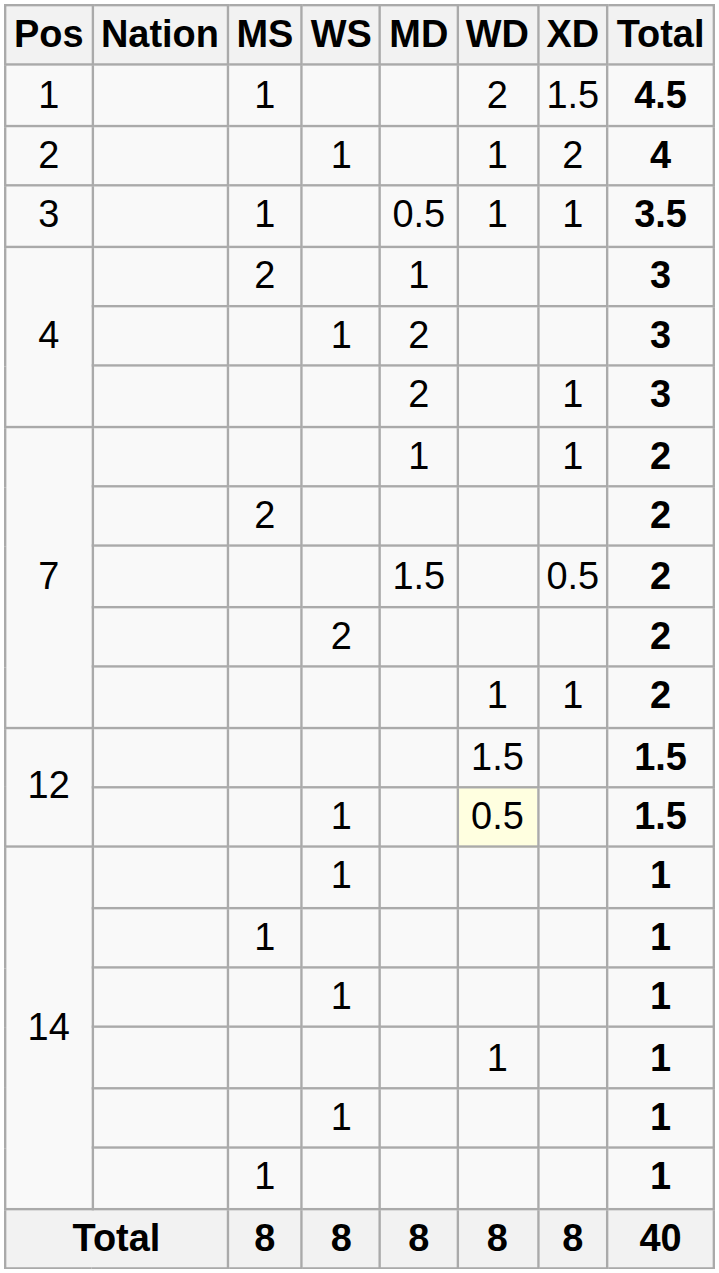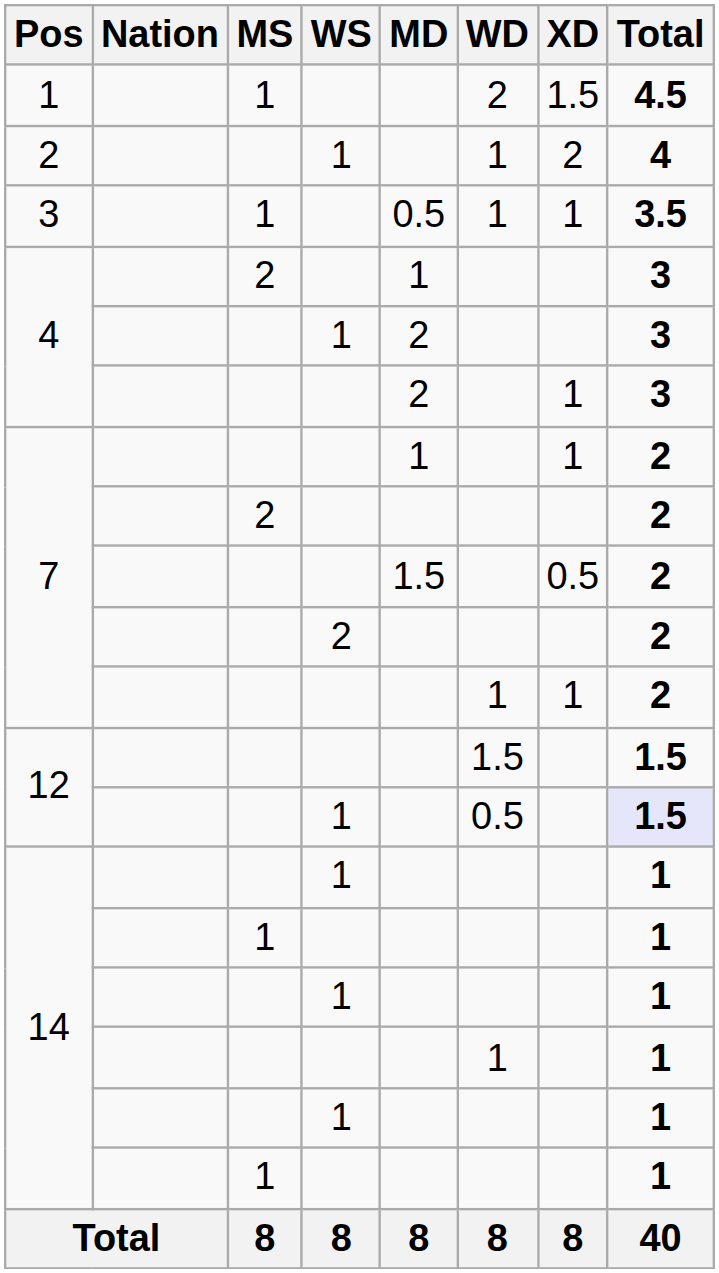 <table class="wikitable" style="text-align:center">
 <tr>
 <th>Pos</th>
 <th>Nation</th>
 <th>MS</th>
 <th>WS</th>
 <th>MD</th>
 <th>WD</th>
 <th>XD</th>
 <th>Total</th>
 </tr>
 <tr>
 <td>1</td>
 <td align=left></td>
 <td>1</td>
 <td></td>
 <td></td>
 <td>2</td>
 <td>1.5</td>
 <td><strong>4.5</strong></td>
 </tr>
 <tr>
 <td>2</td>
 <td align=left><strong></strong></td>
 <td></td>
 <td>1</td>
 <td></td>
 <td>1</td>
 <td>2</td>
 <td><strong>4</strong></td>
 </tr>
 <tr>
 <td>3</td>
 <td align=left></td>
 <td>1</td>
 <td></td>
 <td>0.5</td>
 <td>1</td>
 <td>1</td>
 <td><strong>3.5</strong></td>
 </tr>
 <tr>
 <td rowspan="3">4</td>
 <td align=left></td>
 <td>2</td>
 <td></td>
 <td>1</td>
 <td></td>
 <td></td>
 <td><strong>3</strong></td>
 </tr>
 <tr>
 <td align=left></td>
 <td></td>
 <td>1</td>
 <td>2</td>
 <td></td>
 <td></td>
 <td><strong>3</strong></td>
 </tr>
 <tr>
 <td align=left></td>
 <td></td>
 <td></td>
 <td>2</td>
 <td></td>
 <td>1</td>
 <td><strong>3</strong></td>
 </tr>
 <tr>
 <td rowspan="5">7</td>
 <td align=left></td>
 <td></td>
 <td></td>
 <td>1</td>
 <td></td>
 <td>1</td>
 <td><strong>2</strong></td>
 </tr>
 <tr>
 <td align=left></td>
 <td>2</td>
 <td></td>
 <td></td>
 <td></td>
 <td></td>
 <td><strong>2</strong></td>
 </tr>
 <tr>
 <td align=left></td>
 <td></td>
 <td></td>
 <td>1.5</td>
 <td></td>
 <td>0.5</td>
 <td><strong>2</strong></td>
 </tr>
 <tr>
 <td align=left></td>
 <td></td>
 <td>2</td>
 <td></td>
 <td></td>
 <td></td>
 <td><strong>2</strong></td>
 </tr>
 <tr>
 <td align=left></td>
 <td></td>
 <td></td>
 <td></td>
 <td>1</td>
 <td>1</td>
 <td><strong>2</strong></td>
 </tr>
 <tr>
 <td rowspan="2">12</td>
 <td align=left></td>
 <td></td>
 <td></td>
 <td></td>
 <td>1.5</td>
 <td></td>
 <td><strong>1.5</strong></td>
 </tr>
 <tr>
 <td align=left></td>
 <td></td>
 <td>1</td>
 <td></td>
-<td style="background: lightyellow;">0.5</td>
+<td>0.5</td>
 <td></td>
-<td><strong>1.5</strong></td>
+<td style="background: lavender;"><strong>1.5</strong></td>
 </tr>
 <tr>
 <td rowspan="6">14</td>
 <td align=left></td>
 <td></td>
 <td>1</td>
 <td></td>
 <td></td>
 <td></td>
 <td><strong>1</strong></td>
 </tr>
 <tr>
 <td align=left></td>
 <td>1</td>
 <td></td>
 <td></td>
 <td></td>
 <td></td>
 <td><strong>1</strong></td>
 </tr>
 <tr>
 <td align=left></td>
 <td></td>
 <td>1</td>
 <td></td>
 <td></td>
 <td></td>
 <td><strong>1</strong></td>
 </tr>
 <tr>
 <td align=left></td>
 <td></td>
 <td></td>
 <td></td>
 <td>1</td>
 <td></td>
 <td><strong>1</strong></td>
 </tr>
 <tr>
 <td align=left></td>
 <td></td>
 <td>1</td>
 <td></td>
 <td></td>
 <td></td>
 <td><strong>1</strong></td>
 </tr>
 <tr>
 <td align=left></td>
 <td>1</td>
 <td></td>
 <td></td>
 <td></td>
 <td></td>
 <td><strong>1</strong></td>
 </tr>
 <tr>
 <th colspan="2"><strong>Total</strong></th>
 <th>8</th>
 <th>8</th>
 <th>8</th>
 <th>8</th>
 <th>8</th>
 <th>40</th>
 </tr>
 </table>
